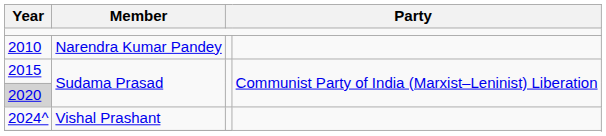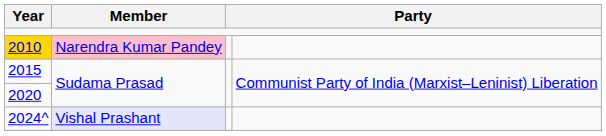 <table class="wikitable sortable">
 <tr>
 <th>Year</th>
 <th>Member</th>
 <th colspan="2">Party</th>
 </tr>
 <tr>
 <td colspan="4"></td>
 </tr>
 <tr>
-<td><a href='#'>2010</a></td>
-<td><a href='#'>Narendra Kumar Pandey</a></td>
+<td style="background: gold;"><a href='#'>2010</a></td>
+<td style="background: pink;"><a href='#'>Narendra Kumar Pandey</a></td>
 <td></td>
 </tr>
 <tr>
 <td><a href='#'>2015</a></td>
 <td rowspan="2"><a href='#'>Sudama Prasad</a></td>
 <td rowspan="2" style="background-color: "></td>
 <td rowspan="2"><a href='#'>Communist Party of India (Marxist–Leninist) Liberation</a></td>
 </tr>
 <tr>
-<td style="background: lightgrey;"><a href='#'>2020</a></td>
+<td><a href='#'>2020</a></td>
 </tr>
 <tr>
 <td><a href='#'>2024^</a></td>
-<td><a href='#'>Vishal Prashant</a></td>
+<td style="background: lavender;"><a href='#'>Vishal Prashant</a></td>
 <td></td>
 </tr>
 <tr>
 </tr>
 </table>
